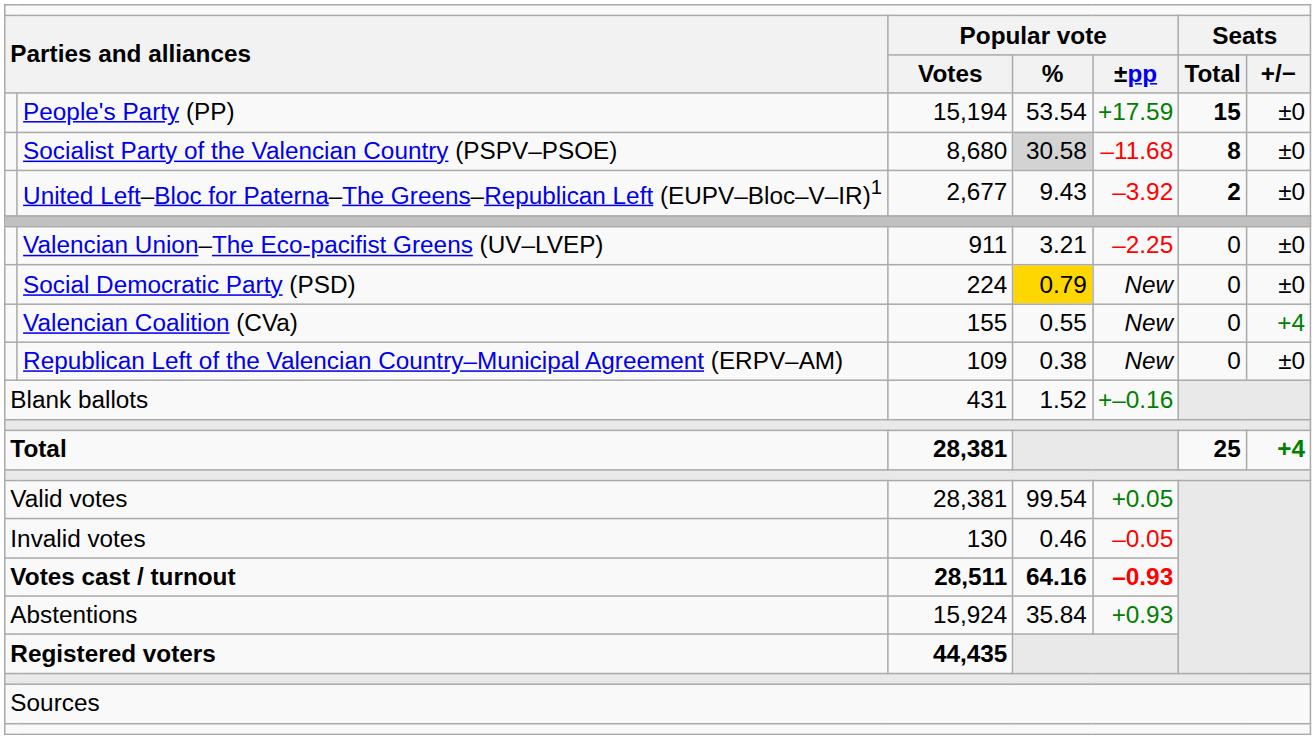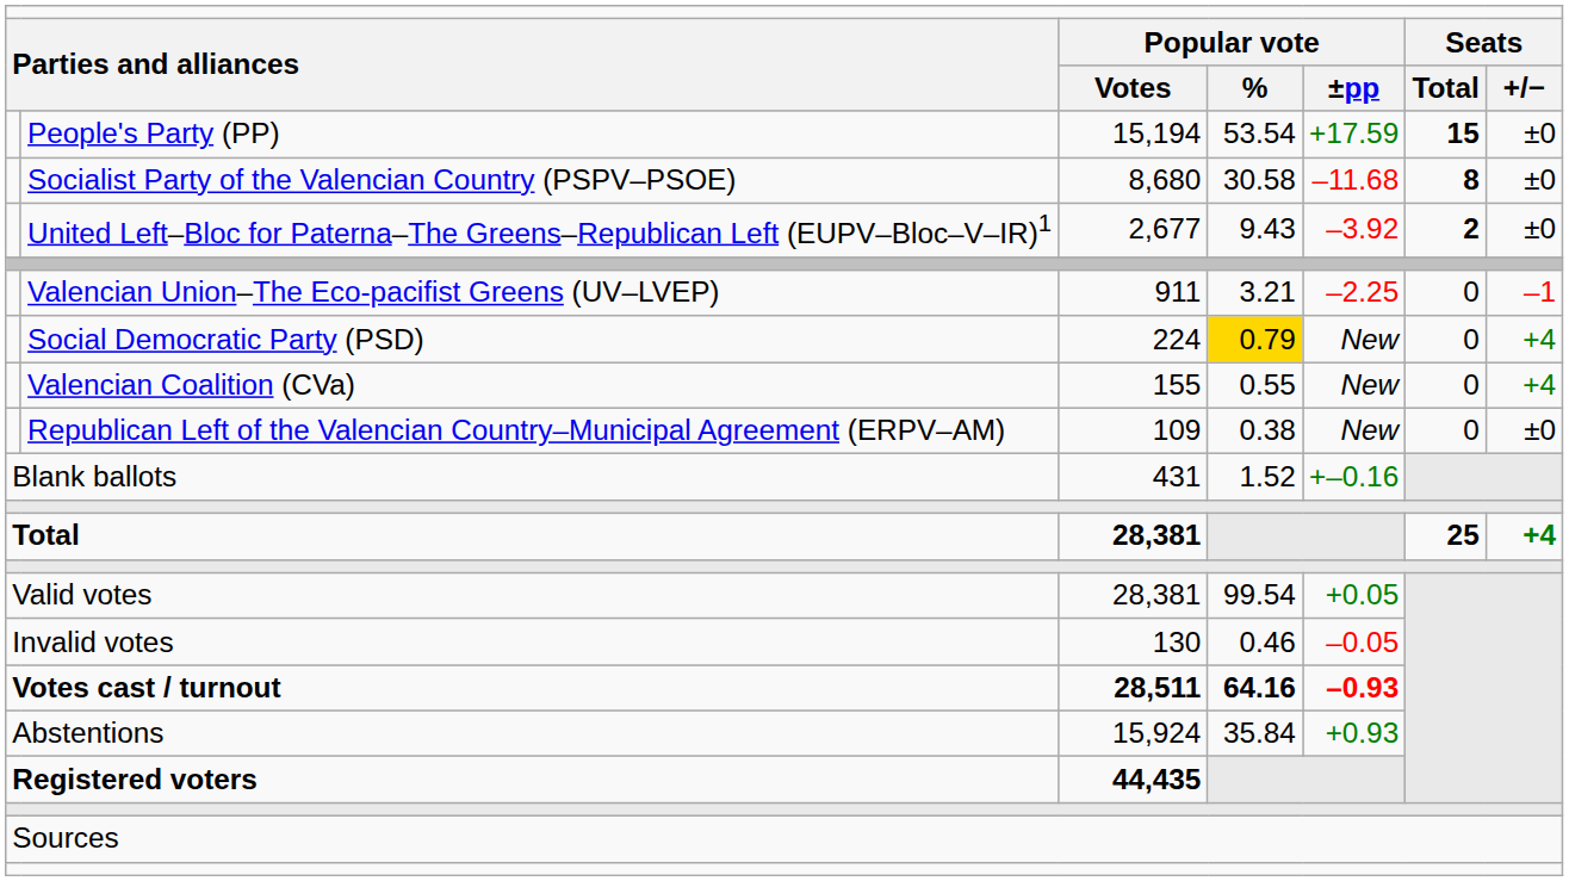 <table class="wikitable" style="text-align:right;">
 <tr>
 <td colspan="7"></td>
 </tr>
 <tr>
 <th style="text-align:left;" rowspan="2" colspan="2" width="525">Parties and alliances</th>
 <th colspan="3">Popular vote</th>
 <th colspan="2">Seats</th>
 </tr>
 <tr>
 <th width="75">Votes</th>
 <th width="45">%</th>
 <th width="45">±<a href='#'>pp</a></th>
 <th width="35">Total</th>
 <th width="35">+/−</th>
 </tr>
 <tr>
 <td width="1" style="color:inherit;background:"></td>
 <td align="left"><a href='#'>People's Party</a> (PP)</td>
 <td>15,194</td>
 <td>53.54</td>
 <td style="color:green;">+17.59</td>
 <td><strong>15</strong></td>
 <td>±0</td>
 </tr>
 <tr>
 <td style="color:inherit;background:"></td>
 <td align="left"><a href='#'>Socialist Party of the Valencian Country</a> (PSPV–PSOE)</td>
 <td>8,680</td>
-<td style="background: lightgrey;">30.58</td>
+<td>30.58</td>
 <td style="color:red;">–11.68</td>
 <td><strong>8</strong></td>
 <td>±0</td>
 </tr>
 <tr>
 <td style="color:inherit;background:"></td>
 <td align="left"><a href='#'>United Left</a>–<a href='#'>Bloc for Paterna</a>–<a href='#'>The Greens</a>–<a href='#'>Republican Left</a> (EUPV–Bloc–V–IR)<sup>1</sup></td>
 <td>2,677</td>
 <td>9.43</td>
 <td style="color:red;">–3.92</td>
 <td><strong>2</strong></td>
 <td>±0</td>
 </tr>
 <tr>
 <td colspan="7" bgcolor="#C0C0C0"></td>
 </tr>
 <tr>
 <td style="color:inherit;background:"></td>
 <td align="left"><a href='#'>Valencian Union</a>–<a href='#'>The Eco-pacifist Greens</a> (UV–LVEP)</td>
 <td>911</td>
 <td>3.21</td>
 <td style="color:red;">–2.25</td>
 <td>0</td>
-<td>±0</td>
+<td style="color:red;">–1</td>
 </tr>
 <tr>
 <td style="color:inherit;background:"></td>
 <td align="left"><a href='#'>Social Democratic Party</a> (PSD)</td>
 <td>224</td>
 <td style="background: gold;">0.79</td>
 <td><em>New</em></td>
 <td>0</td>
-<td>±0</td>
+<td style="color:green;">+4</td>
 </tr>
 <tr>
 <td style="color:inherit;background:"></td>
 <td align="left"><a href='#'>Valencian Coalition</a> (CVa)</td>
 <td>155</td>
 <td>0.55</td>
 <td><em>New</em></td>
 <td>0</td>
 <td style="color:green;">+4</td>
 </tr>
 <tr>
 <td style="color:inherit;background:"></td>
 <td align="left"><a href='#'>Republican Left of the Valencian Country–Municipal Agreement</a> (ERPV–AM)</td>
 <td>109</td>
 <td>0.38</td>
 <td><em>New</em></td>
 <td>0</td>
 <td>±0</td>
 </tr>
 <tr>
 <td align="left" colspan="2">Blank ballots</td>
 <td>431</td>
 <td>1.52</td>
 <td style="color:green;">+–0.16</td>
 <td bgcolor="#E9E9E9" colspan="2"></td>
 </tr>
 <tr>
 <td colspan="7" bgcolor="#E9E9E9"></td>
 </tr>
 <tr style="font-weight:bold;">
 <td align="left" colspan="2">Total</td>
 <td>28,381</td>
 <td bgcolor="#E9E9E9" colspan="2"></td>
 <td>25</td>
 <td style="color:green;">+4</td>
 </tr>
 <tr>
 <td colspan="7" bgcolor="#E9E9E9"></td>
 </tr>
 <tr>
 <td align="left" colspan="2">Valid votes</td>
 <td>28,381</td>
 <td>99.54</td>
 <td style="color:green;">+0.05</td>
 <td bgcolor="#E9E9E9" colspan="2" rowspan="5"></td>
 </tr>
 <tr>
 <td align="left" colspan="2">Invalid votes</td>
 <td>130</td>
 <td>0.46</td>
 <td style="color:red;">–0.05</td>
 </tr>
 <tr style="font-weight:bold;">
 <td align="left" colspan="2">Votes cast / turnout</td>
 <td>28,511</td>
 <td>64.16</td>
 <td style="color:red;">–0.93</td>
 </tr>
 <tr>
 <td align="left" colspan="2">Abstentions</td>
 <td>15,924</td>
 <td>35.84</td>
 <td style="color:green;">+0.93</td>
 </tr>
 <tr style="font-weight:bold;">
 <td align="left" colspan="2">Registered voters</td>
 <td>44,435</td>
 <td bgcolor="#E9E9E9" colspan="2"></td>
 </tr>
 <tr>
 <td colspan="7" bgcolor="#E9E9E9"></td>
 </tr>
 <tr>
 <td align="left" colspan="7">Sources</td>
 </tr>
 <tr>
 <td colspan="7" style="text-align:left; max-width:790px;"></td>
 </tr>
 </table>
